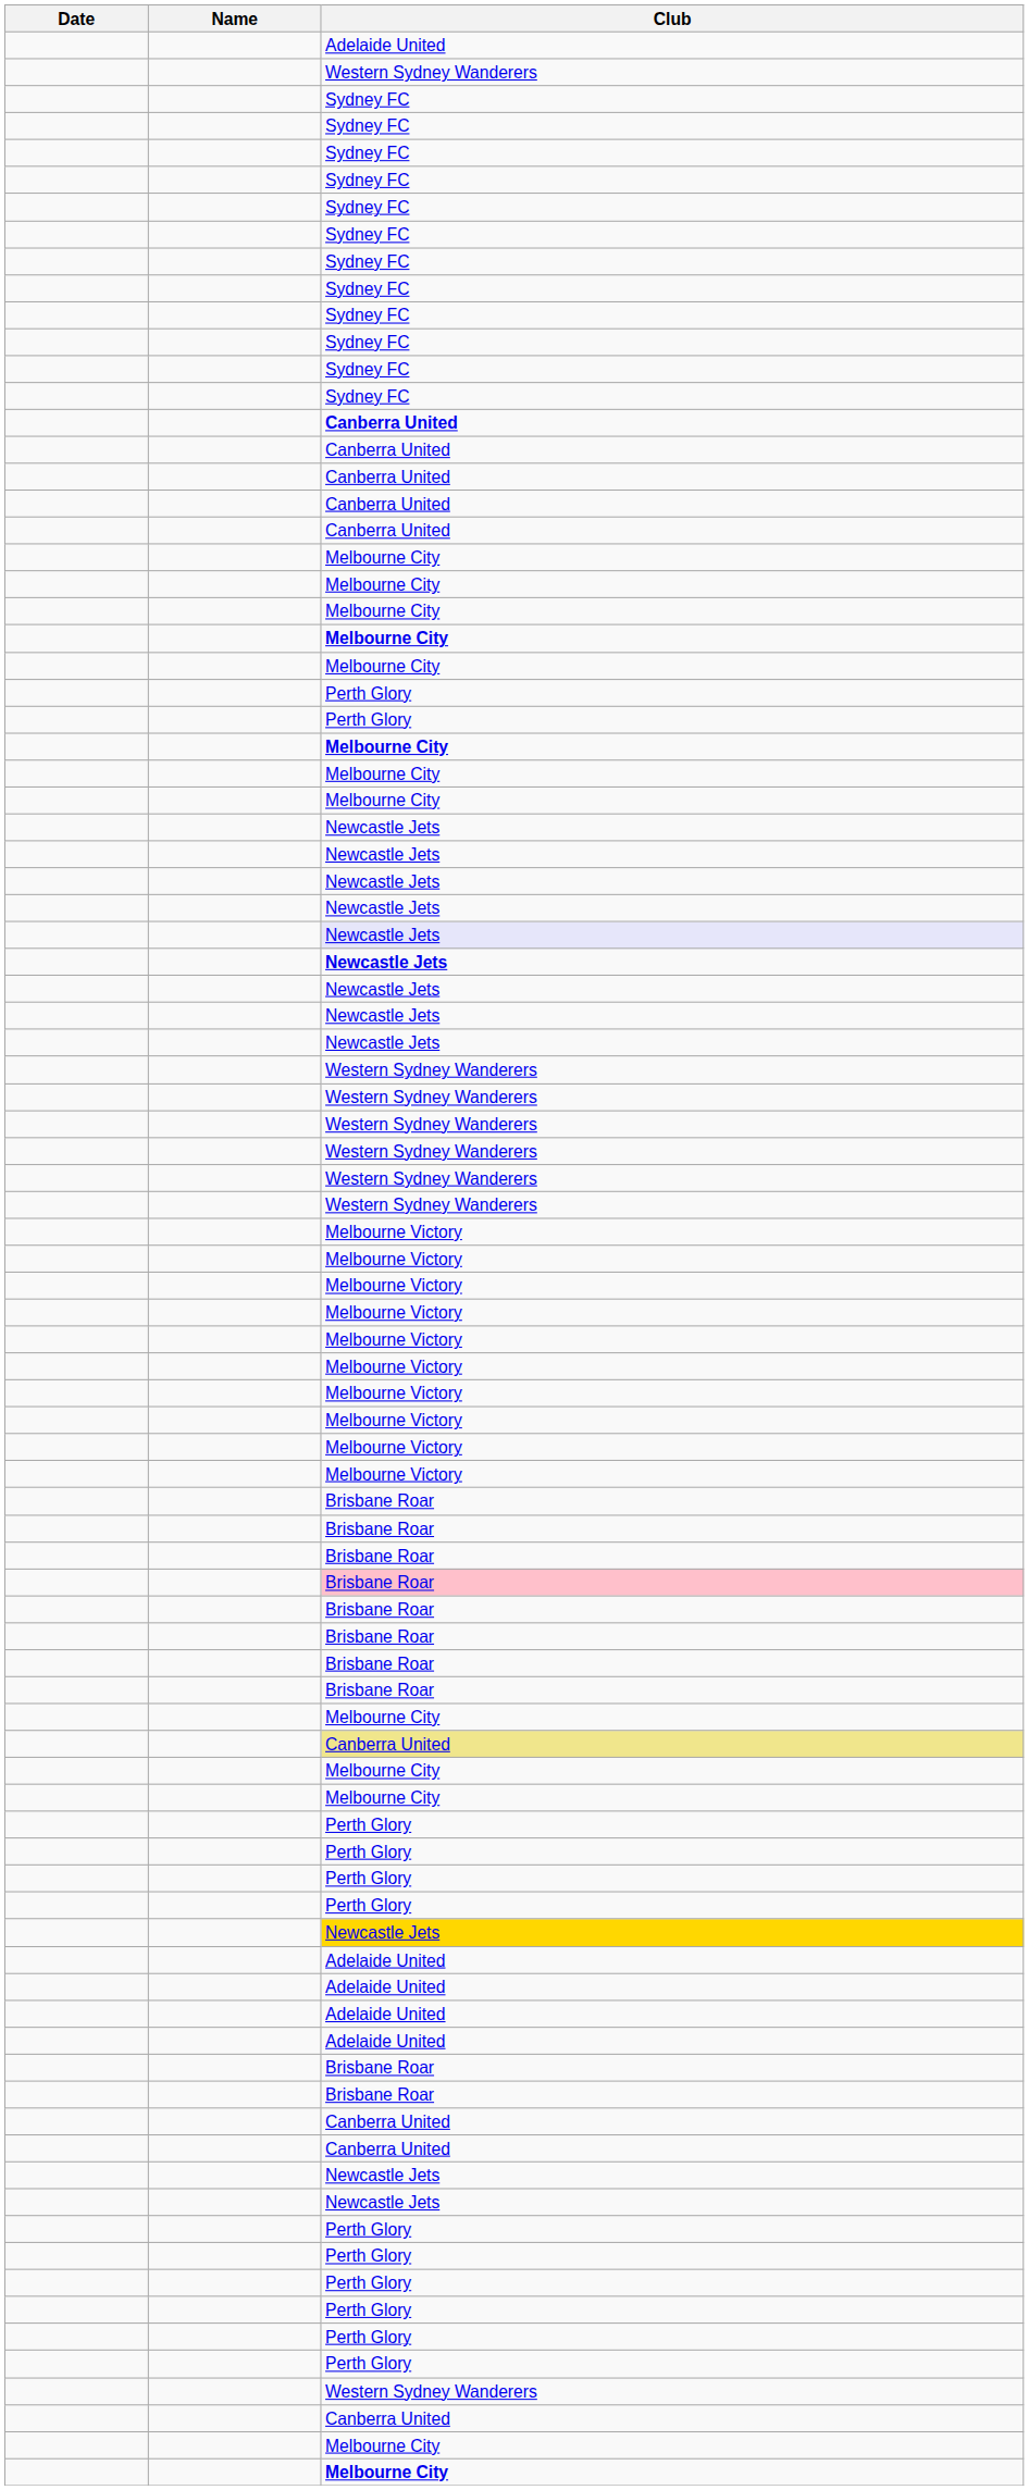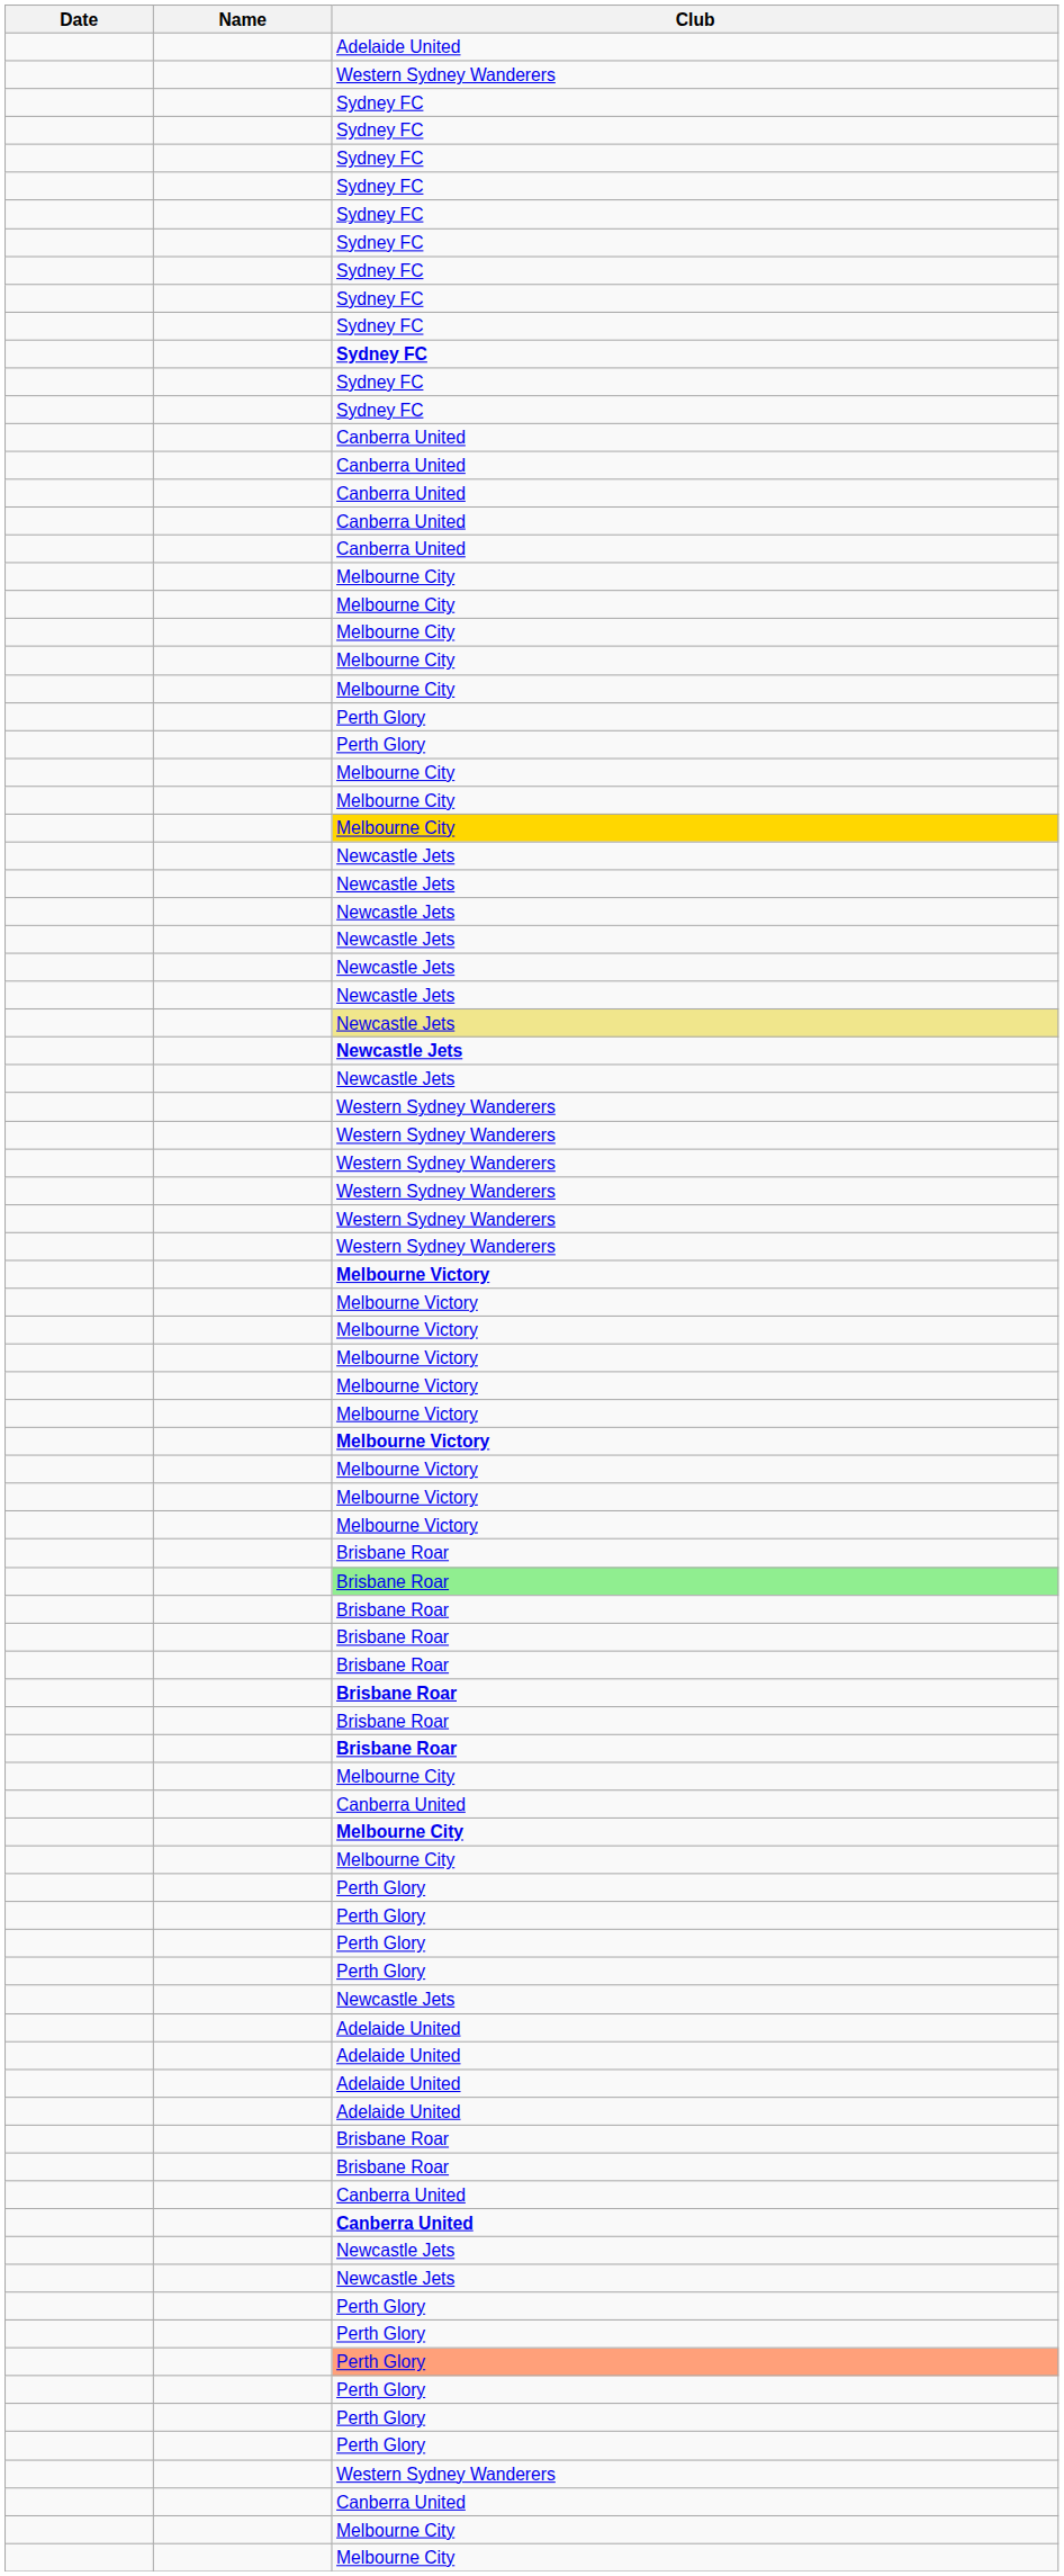 <table class="wikitable sortable" style="width:72%; font-size:95%; ">
 <tr>
 <th>Date</th>
 <th>Name</th>
 <th>Club</th>
 </tr>
 <tr>
 <td></td>
 <td></td>
 <td><a href='#'>Adelaide United</a></td>
 </tr>
 <tr>
 <td></td>
 <td></td>
 <td><a href='#'>Western Sydney Wanderers</a></td>
 </tr>
 <tr>
 <td></td>
 <td></td>
 <td><a href='#'>Sydney FC</a></td>
 </tr>
 <tr>
 <td></td>
 <td></td>
 <td><a href='#'>Sydney FC</a></td>
 </tr>
 <tr>
 <td></td>
 <td></td>
 <td><a href='#'>Sydney FC</a></td>
 </tr>
 <tr>
 <td></td>
 <td></td>
 <td><a href='#'>Sydney FC</a></td>
 </tr>
 <tr>
 <td></td>
 <td></td>
 <td><a href='#'>Sydney FC</a></td>
 </tr>
 <tr>
 <td></td>
 <td></td>
 <td><a href='#'>Sydney FC</a></td>
 </tr>
 <tr>
 <td></td>
 <td></td>
 <td><a href='#'>Sydney FC</a></td>
 </tr>
 <tr>
 <td></td>
 <td></td>
 <td><a href='#'>Sydney FC</a></td>
 </tr>
 <tr>
 <td></td>
 <td></td>
 <td><a href='#'>Sydney FC</a></td>
 </tr>
 <tr>
 <td></td>
 <td></td>
-<td><a href='#'>Sydney FC</a></td>
+<td><strong><a href='#'>Sydney FC</a></strong></td>
 </tr>
 <tr>
 <td></td>
 <td></td>
 <td><a href='#'>Sydney FC</a></td>
 </tr>
 <tr>
 <td></td>
 <td></td>
 <td><a href='#'>Sydney FC</a></td>
 </tr>
 <tr>
 <td></td>
 <td></td>
-<td><strong><a href='#'>Canberra United</a></strong></td>
+<td><a href='#'>Canberra United</a></td>
 </tr>
 <tr>
 <td></td>
 <td></td>
 <td><a href='#'>Canberra United</a></td>
 </tr>
 <tr>
 <td></td>
 <td></td>
 <td><a href='#'>Canberra United</a></td>
 </tr>
 <tr>
 <td></td>
 <td></td>
 <td><a href='#'>Canberra United</a></td>
 </tr>
 <tr>
 <td></td>
 <td></td>
 <td><a href='#'>Canberra United</a></td>
 </tr>
 <tr>
 <td></td>
 <td></td>
 <td><a href='#'>Melbourne City</a></td>
 </tr>
 <tr>
 <td></td>
 <td></td>
 <td><a href='#'>Melbourne City</a></td>
 </tr>
 <tr>
 <td></td>
 <td></td>
 <td><a href='#'>Melbourne City</a></td>
 </tr>
 <tr>
 <td></td>
 <td></td>
-<td><strong><a href='#'>Melbourne City</a></strong></td>
+<td><a href='#'>Melbourne City</a></td>
 </tr>
 <tr>
 <td></td>
 <td></td>
 <td><a href='#'>Melbourne City</a></td>
 </tr>
 <tr>
 <td></td>
 <td></td>
 <td><a href='#'>Perth Glory</a></td>
 </tr>
 <tr>
 <td></td>
 <td></td>
 <td><a href='#'>Perth Glory</a></td>
 </tr>
 <tr>
 <td></td>
 <td></td>
-<td><strong><a href='#'>Melbourne City</a></strong></td>
+<td><a href='#'>Melbourne City</a></td>
 </tr>
 <tr>
 <td></td>
 <td></td>
 <td><a href='#'>Melbourne City</a></td>
 </tr>
 <tr>
 <td></td>
 <td></td>
-<td><a href='#'>Melbourne City</a></td>
+<td style="background: gold;"><a href='#'>Melbourne City</a></td>
 </tr>
 <tr>
 <td></td>
 <td></td>
 <td><a href='#'>Newcastle Jets</a></td>
 </tr>
 <tr>
 <td></td>
 <td></td>
 <td><a href='#'>Newcastle Jets</a></td>
 </tr>
 <tr>
 <td></td>
 <td></td>
 <td><a href='#'>Newcastle Jets</a></td>
 </tr>
 <tr>
 <td></td>
 <td></td>
 <td><a href='#'>Newcastle Jets</a></td>
 </tr>
 <tr>
 <td></td>
 <td></td>
-<td style="background: lavender;"><a href='#'>Newcastle Jets</a></td>
-</tr>
-<tr>
-<td></td>
-<td></td>
-<td><strong><a href='#'>Newcastle Jets</a></strong></td>
+<td><a href='#'>Newcastle Jets</a></td>
 </tr>
 <tr>
 <td></td>
 <td></td>
 <td><a href='#'>Newcastle Jets</a></td>
 </tr>
 <tr>
 <td></td>
 <td></td>
-<td><a href='#'>Newcastle Jets</a></td>
+<td style="background: khaki;"><a href='#'>Newcastle Jets</a></td>
+</tr>
+<tr>
+<td></td>
+<td></td>
+<td><strong><a href='#'>Newcastle Jets</a></strong></td>
 </tr>
 <tr>
 <td></td>
 <td></td>
 <td><a href='#'>Newcastle Jets</a></td>
 </tr>
 <tr>
 <td></td>
 <td></td>
 <td><a href='#'>Western Sydney Wanderers</a></td>
 </tr>
 <tr>
 <td></td>
 <td></td>
 <td><a href='#'>Western Sydney Wanderers</a></td>
 </tr>
 <tr>
 <td></td>
 <td></td>
 <td><a href='#'>Western Sydney Wanderers</a></td>
 </tr>
 <tr>
 <td></td>
 <td></td>
 <td><a href='#'>Western Sydney Wanderers</a></td>
 </tr>
 <tr>
 <td></td>
 <td></td>
 <td><a href='#'>Western Sydney Wanderers</a></td>
 </tr>
 <tr>
 <td></td>
 <td></td>
 <td><a href='#'>Western Sydney Wanderers</a></td>
 </tr>
 <tr>
 <td></td>
 <td></td>
-<td><a href='#'>Melbourne Victory</a></td>
+<td><strong><a href='#'>Melbourne Victory</a></strong></td>
 </tr>
 <tr>
 <td></td>
 <td></td>
 <td><a href='#'>Melbourne Victory</a></td>
 </tr>
 <tr>
 <td></td>
 <td></td>
 <td><a href='#'>Melbourne Victory</a></td>
 </tr>
 <tr>
 <td></td>
 <td></td>
 <td><a href='#'>Melbourne Victory</a></td>
 </tr>
 <tr>
 <td></td>
 <td></td>
 <td><a href='#'>Melbourne Victory</a></td>
 </tr>
 <tr>
 <td></td>
 <td></td>
 <td><a href='#'>Melbourne Victory</a></td>
 </tr>
 <tr>
 <td></td>
 <td></td>
-<td><a href='#'>Melbourne Victory</a></td>
+<td><strong><a href='#'>Melbourne Victory</a></strong></td>
 </tr>
 <tr>
 <td></td>
 <td></td>
 <td><a href='#'>Melbourne Victory</a></td>
 </tr>
 <tr>
 <td></td>
 <td></td>
 <td><a href='#'>Melbourne Victory</a></td>
 </tr>
 <tr>
 <td></td>
 <td></td>
 <td><a href='#'>Melbourne Victory</a></td>
 </tr>
 <tr>
 <td></td>
 <td></td>
 <td><a href='#'>Brisbane Roar</a></td>
 </tr>
 <tr>
 <td></td>
 <td></td>
-<td><a href='#'>Brisbane Roar</a></td>
-</tr>
-<tr>
-<td></td>
-<td></td>
-<td><a href='#'>Brisbane Roar</a></td>
-</tr>
-<tr>
-<td></td>
-<td></td>
-<td style="background: pink;"><a href='#'>Brisbane Roar</a></td>
+<td style="background: lightgreen;"><a href='#'>Brisbane Roar</a></td>
 </tr>
 <tr>
 <td></td>
 <td></td>
 <td><a href='#'>Brisbane Roar</a></td>
 </tr>
 <tr>
 <td></td>
 <td></td>
 <td><a href='#'>Brisbane Roar</a></td>
 </tr>
 <tr>
 <td></td>
 <td></td>
 <td><a href='#'>Brisbane Roar</a></td>
 </tr>
 <tr>
 <td></td>
 <td></td>
+<td><strong><a href='#'>Brisbane Roar</a></strong></td>
+</tr>
+<tr>
+<td></td>
+<td></td>
 <td><a href='#'>Brisbane Roar</a></td>
+</tr>
+<tr>
+<td></td>
+<td></td>
+<td><strong><a href='#'>Brisbane Roar</a></strong></td>
 </tr>
 <tr>
 <td></td>
 <td></td>
 <td><a href='#'>Melbourne City</a></td>
 </tr>
 <tr>
 <td></td>
 <td></td>
-<td style="background: khaki;"><a href='#'>Canberra United</a></td>
+<td><a href='#'>Canberra United</a></td>
 </tr>
 <tr>
 <td></td>
 <td></td>
-<td><a href='#'>Melbourne City</a></td>
+<td><strong><a href='#'>Melbourne City</a></strong></td>
 </tr>
 <tr>
 <td></td>
 <td></td>
 <td><a href='#'>Melbourne City</a></td>
 </tr>
 <tr>
 <td></td>
 <td></td>
 <td><a href='#'>Perth Glory</a></td>
 </tr>
 <tr>
 <td></td>
 <td></td>
 <td><a href='#'>Perth Glory</a></td>
 </tr>
 <tr>
 <td></td>
 <td></td>
 <td><a href='#'>Perth Glory</a></td>
 </tr>
 <tr>
 <td></td>
 <td></td>
 <td><a href='#'>Perth Glory</a></td>
 </tr>
 <tr>
 <td></td>
 <td></td>
-<td style="background: gold;"><a href='#'>Newcastle Jets</a></td>
+<td><a href='#'>Newcastle Jets</a></td>
 </tr>
 <tr>
 <td></td>
 <td></td>
 <td><a href='#'>Adelaide United</a></td>
 </tr>
 <tr>
 <td></td>
 <td></td>
 <td><a href='#'>Adelaide United</a></td>
 </tr>
 <tr>
 <td></td>
 <td></td>
 <td><a href='#'>Adelaide United</a></td>
 </tr>
 <tr>
 <td></td>
 <td></td>
 <td><a href='#'>Adelaide United</a></td>
 </tr>
 <tr>
 <td></td>
 <td></td>
 <td><a href='#'>Brisbane Roar</a></td>
 </tr>
 <tr>
 <td></td>
 <td></td>
 <td><a href='#'>Brisbane Roar</a></td>
 </tr>
 <tr>
 <td></td>
 <td></td>
 <td><a href='#'>Canberra United</a></td>
 </tr>
 <tr>
 <td></td>
 <td></td>
-<td><a href='#'>Canberra United</a></td>
+<td><strong><a href='#'>Canberra United</a></strong></td>
 </tr>
 <tr>
 <td></td>
 <td></td>
 <td><a href='#'>Newcastle Jets</a></td>
 </tr>
 <tr>
 <td></td>
 <td></td>
 <td><a href='#'>Newcastle Jets</a></td>
 </tr>
 <tr>
 <td></td>
 <td></td>
 <td><a href='#'>Perth Glory</a></td>
 </tr>
 <tr>
 <td></td>
 <td></td>
 <td><a href='#'>Perth Glory</a></td>
 </tr>
 <tr>
 <td></td>
 <td></td>
-<td><a href='#'>Perth Glory</a></td>
+<td style="background: lightsalmon;"><a href='#'>Perth Glory</a></td>
 </tr>
 <tr>
 <td></td>
 <td></td>
 <td><a href='#'>Perth Glory</a></td>
 </tr>
 <tr>
 <td></td>
 <td></td>
 <td><a href='#'>Perth Glory</a></td>
 </tr>
 <tr>
 <td></td>
 <td></td>
 <td><a href='#'>Perth Glory</a></td>
 </tr>
 <tr>
 <td></td>
 <td></td>
 <td><a href='#'>Western Sydney Wanderers</a></td>
 </tr>
 <tr>
 <td></td>
 <td></td>
 <td><a href='#'>Canberra United</a></td>
 </tr>
 <tr>
 <td></td>
 <td></td>
 <td><a href='#'>Melbourne City</a></td>
 </tr>
 <tr>
 <td></td>
 <td></td>
-<td><strong><a href='#'>Melbourne City</a></strong></td>
+<td><a href='#'>Melbourne City</a></td>
 </tr>
 </table>
